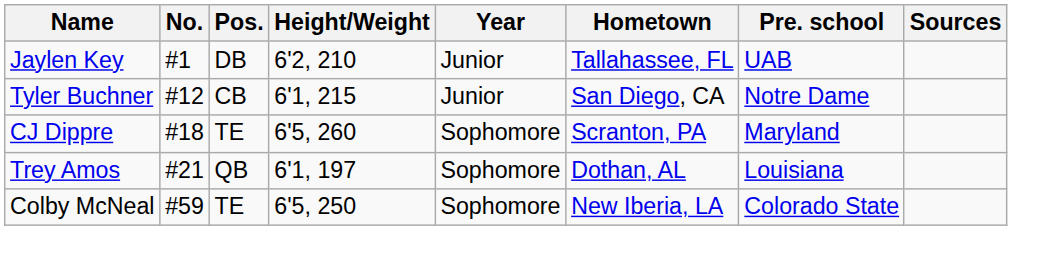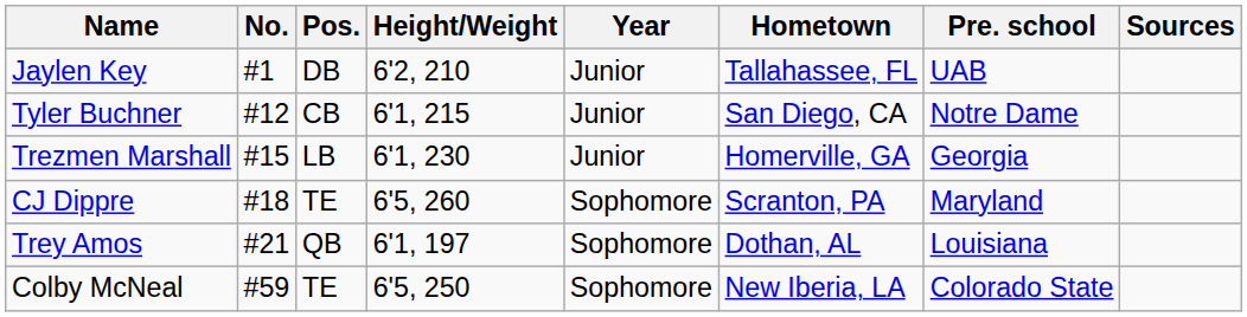 <table class="wikitable sortable">
 <tr>
 <th style="text-align:center; ">Name</th>
 <th style="text-align:center; ">No.</th>
 <th style="text-align:center; ">Pos.</th>
 <th style="text-align:center; ">Height/Weight</th>
 <th style="text-align:center; ">Year</th>
 <th style="text-align:center; ">Hometown</th>
 <th style="text-align:center; ">Pre. school</th>
 <th style="text-align:center; ">Sources</th>
 </tr>
 <tr>
 <td><a href='#'>Jaylen Key</a></td>
 <td>#1</td>
 <td>DB</td>
 <td>6'2, 210</td>
 <td> Junior</td>
 <td><a href='#'>Tallahassee, FL</a></td>
 <td><a href='#'>UAB</a></td>
 <td></td>
 </tr>
 <tr>
 <td><a href='#'>Tyler Buchner</a></td>
 <td>#12</td>
 <td>CB</td>
 <td>6'1, 215</td>
 <td>Junior</td>
 <td><a href='#'>San Diego</a>, CA</td>
 <td><a href='#'>Notre Dame</a></td>
+<td></td>
+</tr>
+<tr>
+<td><a href='#'>Trezmen Marshall</a></td>
+<td>#15</td>
+<td>LB</td>
+<td>6'1, 230</td>
+<td>Junior</td>
+<td><a href='#'>Homerville, GA</a></td>
+<td><a href='#'>Georgia</a></td>
 <td></td>
 </tr>
 <tr>
 <td><a href='#'>CJ Dippre</a></td>
 <td>#18</td>
 <td>TE</td>
 <td>6'5, 260</td>
 <td>Sophomore</td>
 <td><a href='#'>Scranton, PA</a></td>
 <td><a href='#'>Maryland</a></td>
 <td></td>
 </tr>
 <tr>
 <td><a href='#'>Trey Amos</a></td>
 <td>#21</td>
 <td>QB</td>
 <td>6'1, 197</td>
 <td>Sophomore</td>
 <td><a href='#'>Dothan, AL</a></td>
 <td><a href='#'>Louisiana</a></td>
 <td></td>
 </tr>
 <tr>
 <td>Colby McNeal</td>
 <td>#59</td>
 <td>TE</td>
 <td>6'5, 250</td>
 <td> Sophomore</td>
 <td><a href='#'>New Iberia, LA</a></td>
 <td><a href='#'>Colorado State</a></td>
 <td></td>
 </tr>
 </table>
